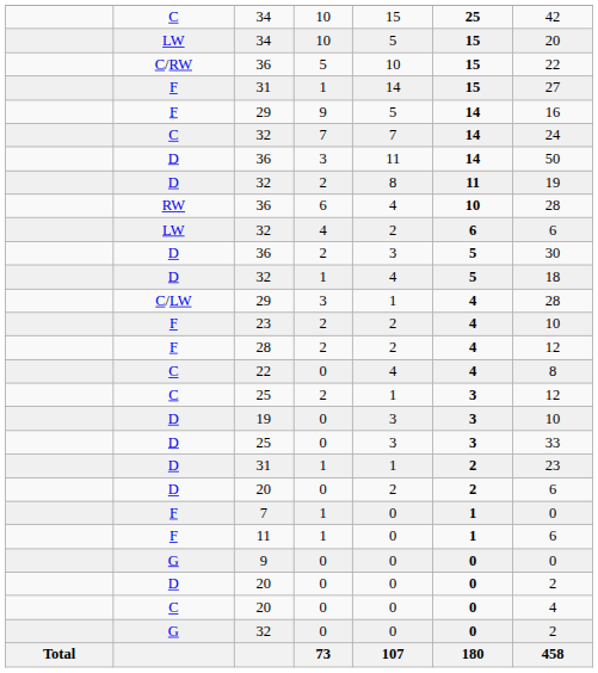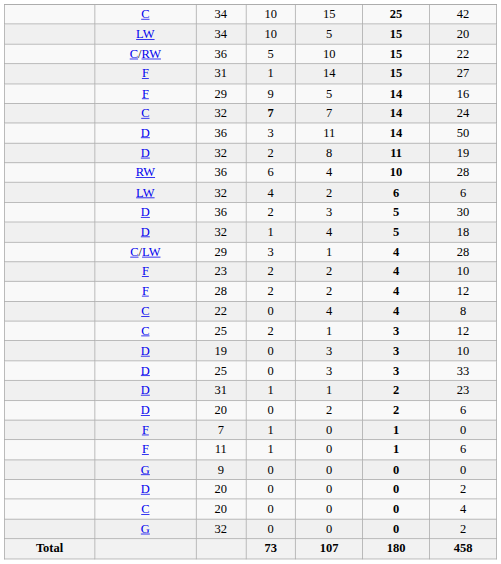 <table class="wikitable sortable" width ="50%">
 <tr align="center">
 </tr>
 <tr align="center" bgcolor="">
 <td></td>
 <td><a href='#'>C</a></td>
 <td>34</td>
 <td>10</td>
 <td>15</td>
 <td><strong>25</strong></td>
 <td>42</td>
 </tr>
 <tr align="center" bgcolor="f0f0f0">
 <td></td>
 <td><a href='#'>LW</a></td>
 <td>34</td>
 <td>10</td>
 <td>5</td>
 <td><strong>15</strong></td>
 <td>20</td>
 </tr>
 <tr align="center" bgcolor="">
 <td></td>
 <td><a href='#'>C</a>/<a href='#'>RW</a></td>
 <td>36</td>
 <td>5</td>
 <td>10</td>
 <td><strong>15</strong></td>
 <td>22</td>
 </tr>
 <tr align="center" bgcolor="f0f0f0">
 <td></td>
 <td><a href='#'>F</a></td>
 <td>31</td>
 <td>1</td>
 <td>14</td>
 <td><strong>15</strong></td>
 <td>27</td>
 </tr>
 <tr align="center" bgcolor="">
 <td></td>
 <td><a href='#'>F</a></td>
 <td>29</td>
 <td>9</td>
 <td>5</td>
 <td><strong>14</strong></td>
 <td>16</td>
 </tr>
 <tr align="center" bgcolor="f0f0f0">
 <td></td>
 <td><a href='#'>C</a></td>
 <td>32</td>
-<td>7</td>
+<td><strong>7</strong></td>
 <td>7</td>
 <td><strong>14</strong></td>
 <td>24</td>
 </tr>
 <tr align="center" bgcolor="">
 <td></td>
 <td><a href='#'>D</a></td>
 <td>36</td>
 <td>3</td>
 <td>11</td>
 <td><strong>14</strong></td>
 <td>50</td>
 </tr>
 <tr align="center" bgcolor="f0f0f0">
 <td></td>
 <td><a href='#'>D</a></td>
 <td>32</td>
 <td>2</td>
 <td>8</td>
 <td><strong>11</strong></td>
 <td>19</td>
 </tr>
 <tr align="center" bgcolor="">
 <td></td>
 <td><a href='#'>RW</a></td>
 <td>36</td>
 <td>6</td>
 <td>4</td>
 <td><strong>10</strong></td>
 <td>28</td>
 </tr>
 <tr align="center" bgcolor="f0f0f0">
 <td></td>
 <td><a href='#'>LW</a></td>
 <td>32</td>
 <td>4</td>
 <td>2</td>
 <td><strong>6</strong></td>
 <td>6</td>
 </tr>
 <tr align="center" bgcolor="">
 <td></td>
 <td><a href='#'>D</a></td>
 <td>36</td>
 <td>2</td>
 <td>3</td>
 <td><strong>5</strong></td>
 <td>30</td>
 </tr>
 <tr align="center" bgcolor="f0f0f0">
 <td></td>
 <td><a href='#'>D</a></td>
 <td>32</td>
 <td>1</td>
 <td>4</td>
 <td><strong>5</strong></td>
 <td>18</td>
 </tr>
 <tr align="center" bgcolor="">
 <td></td>
 <td><a href='#'>C</a>/<a href='#'>LW</a></td>
 <td>29</td>
 <td>3</td>
 <td>1</td>
 <td><strong>4</strong></td>
 <td>28</td>
 </tr>
 <tr align="center" bgcolor="f0f0f0">
 <td></td>
 <td><a href='#'>F</a></td>
 <td>23</td>
 <td>2</td>
 <td>2</td>
 <td><strong>4</strong></td>
 <td>10</td>
 </tr>
 <tr align="center" bgcolor="">
 <td></td>
 <td><a href='#'>F</a></td>
 <td>28</td>
 <td>2</td>
 <td>2</td>
 <td><strong>4</strong></td>
 <td>12</td>
 </tr>
 <tr align="center" bgcolor="f0f0f0">
 <td></td>
 <td><a href='#'>C</a></td>
 <td>22</td>
 <td>0</td>
 <td>4</td>
 <td><strong>4</strong></td>
 <td>8</td>
 </tr>
 <tr align="center" bgcolor="">
 <td></td>
 <td><a href='#'>C</a></td>
 <td>25</td>
 <td>2</td>
 <td>1</td>
 <td><strong>3</strong></td>
 <td>12</td>
 </tr>
 <tr align="center" bgcolor="f0f0f0">
 <td></td>
 <td><a href='#'>D</a></td>
 <td>19</td>
 <td>0</td>
 <td>3</td>
 <td><strong>3</strong></td>
 <td>10</td>
 </tr>
 <tr align="center" bgcolor="">
 <td></td>
 <td><a href='#'>D</a></td>
 <td>25</td>
 <td>0</td>
 <td>3</td>
 <td><strong>3</strong></td>
 <td>33</td>
 </tr>
 <tr align="center" bgcolor="f0f0f0">
 <td></td>
 <td><a href='#'>D</a></td>
 <td>31</td>
 <td>1</td>
 <td>1</td>
 <td><strong>2</strong></td>
 <td>23</td>
 </tr>
 <tr align="center" bgcolor="">
 <td></td>
 <td><a href='#'>D</a></td>
 <td>20</td>
 <td>0</td>
 <td>2</td>
 <td><strong>2</strong></td>
 <td>6</td>
 </tr>
 <tr align="center" bgcolor="f0f0f0">
 <td></td>
 <td><a href='#'>F</a></td>
 <td>7</td>
 <td>1</td>
 <td>0</td>
 <td><strong>1</strong></td>
 <td>0</td>
 </tr>
 <tr align="center" bgcolor="">
 <td></td>
 <td><a href='#'>F</a></td>
 <td>11</td>
 <td>1</td>
 <td>0</td>
 <td><strong>1</strong></td>
 <td>6</td>
 </tr>
 <tr align="center" bgcolor="f0f0f0">
 <td></td>
 <td><a href='#'>G</a></td>
 <td>9</td>
 <td>0</td>
 <td>0</td>
 <td><strong>0</strong></td>
 <td>0</td>
 </tr>
 <tr align="center" bgcolor="">
 <td></td>
 <td><a href='#'>D</a></td>
 <td>20</td>
 <td>0</td>
 <td>0</td>
 <td><strong>0</strong></td>
 <td>2</td>
 </tr>
 <tr align="center" bgcolor="">
 <td></td>
 <td><a href='#'>C</a></td>
 <td>20</td>
 <td>0</td>
 <td>0</td>
 <td><strong>0</strong></td>
 <td>4</td>
 </tr>
 <tr align="center" bgcolor="f0f0f0">
 <td></td>
 <td><a href='#'>G</a></td>
 <td>32</td>
 <td>0</td>
 <td>0</td>
 <td><strong>0</strong></td>
 <td>2</td>
 </tr>
 <tr>
 <th>Total</th>
 <th></th>
 <th></th>
 <th>73</th>
 <th>107</th>
 <th>180</th>
 <th>458</th>
 </tr>
 </table>
